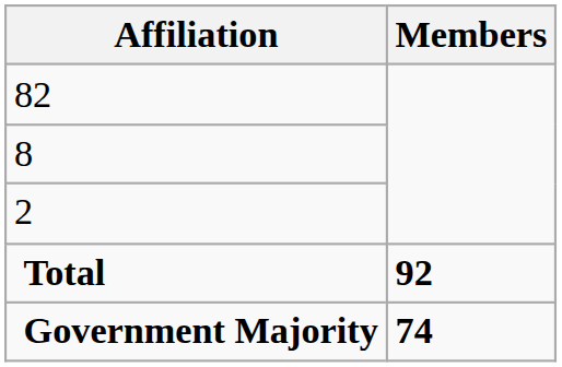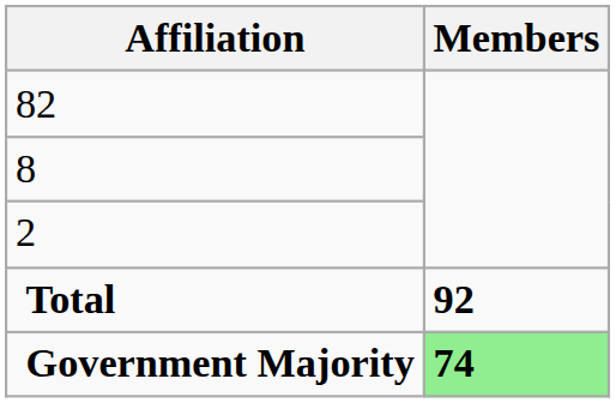 <table class="wikitable">
 <tr>
 <th colspan="2">Affiliation</th>
 <th>Members</th>
 </tr>
 <tr>
 <td>82</td>
 </tr>
 <tr>
 <td>8</td>
 </tr>
 <tr>
 <td>2</td>
 </tr>
 <tr>
 <td colspan="2" rowspan="1" align=left> <strong>Total</strong><br></td>
 <td><strong>92</strong></td>
 </tr>
 <tr>
 <td colspan="2" rowspan="1" align=left> <strong>Government Majority</strong><br></td>
-<td><strong>74</strong></td>
+<td style="background: lightgreen;"><strong>74</strong></td>
 </tr>
 </table>
